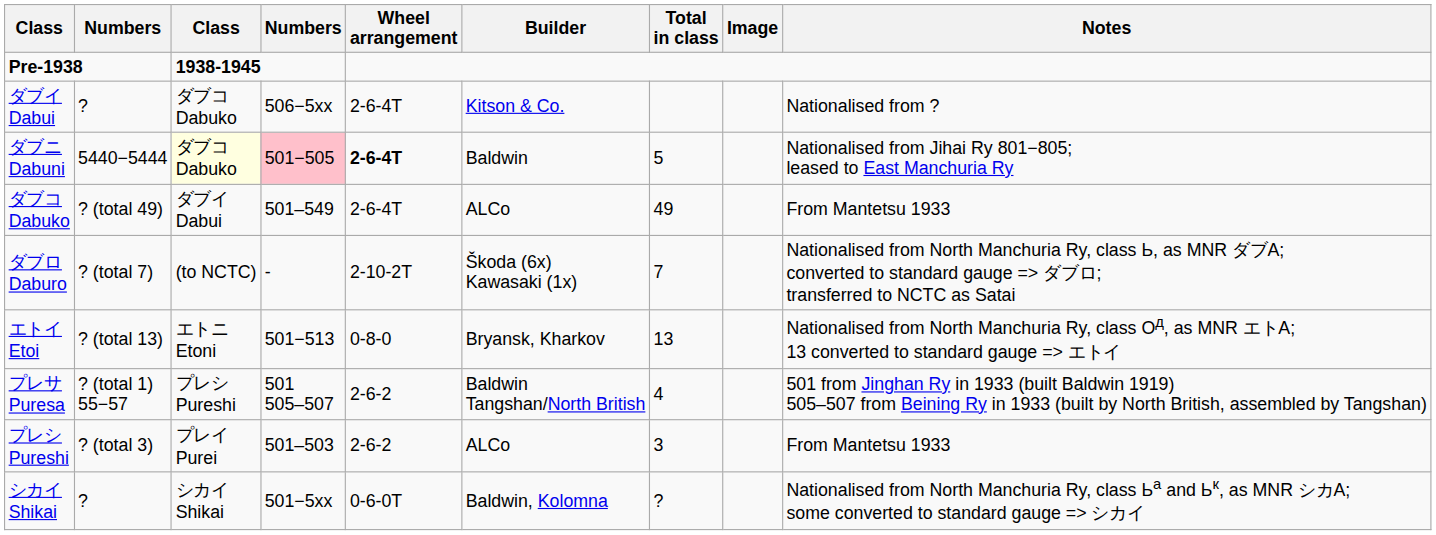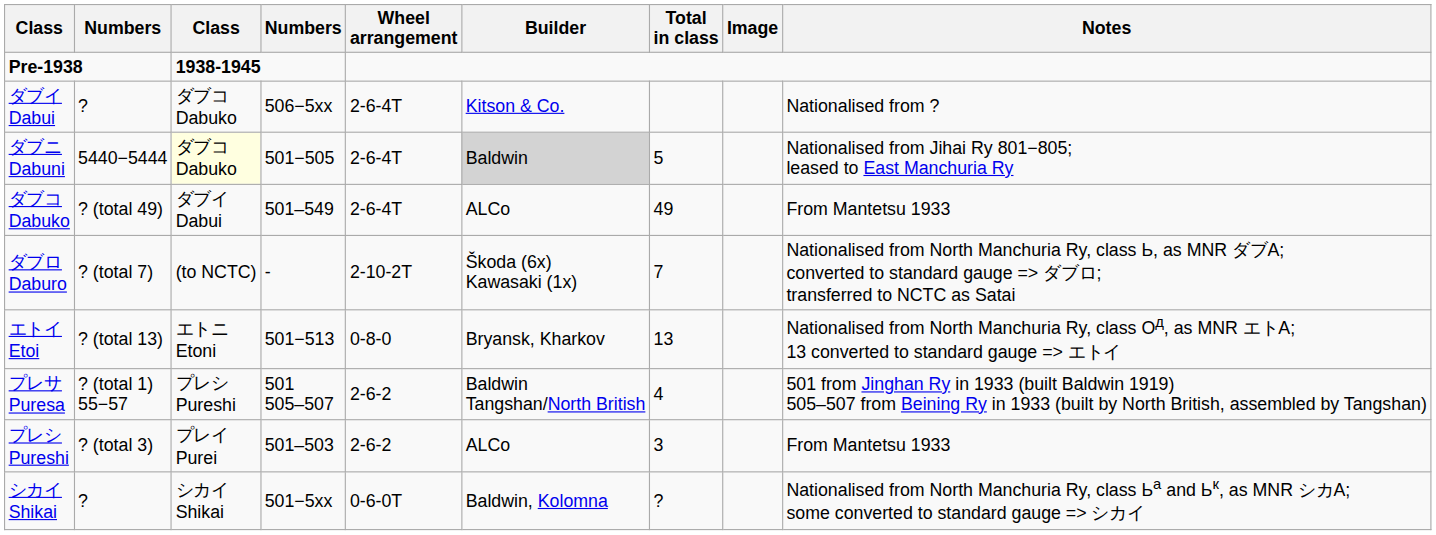 <table class="wikitable">
 <tr>
 <th>Class</th>
 <th>Numbers</th>
 <th>Class</th>
 <th>Numbers</th>
 <th>Wheel<br>arrangement</th>
 <th>Builder</th>
 <th>Total<br>in class</th>
 <th>Image</th>
 <th>Notes</th>
 </tr>
 <tr>
 <td colspan="2"><strong>Pre-1938</strong></td>
 <td colspan="2"><strong>1938-1945</strong></td>
 </tr>
 <tr>
 <td><a href='#'>ダブイ<br>Dabui</a></td>
 <td>?</td>
 <td>ダブコ<br>Dabuko</td>
 <td>506−5xx</td>
 <td>2-6-4T</td>
 <td><a href='#'>Kitson & Co.</a></td>
 <td></td>
 <td></td>
 <td>Nationalised from ?</td>
 </tr>
 <tr>
 <td><a href='#'>ダブニ<br>Dabuni</a></td>
 <td>5440−5444</td>
 <td style="background: lightyellow;">ダブコ<br>Dabuko</td>
-<td style="background: pink;">501−505</td>
-<td><strong>2-6-4T</strong></td>
-<td>Baldwin</td>
+<td>501−505</td>
+<td>2-6-4T</td>
+<td style="background: lightgrey;">Baldwin</td>
 <td>5</td>
 <td></td>
 <td>Nationalised from Jihai Ry 801−805;<br>leased to <a href='#'>East Manchuria Ry</a></td>
 </tr>
 <tr>
 <td><a href='#'>ダブコ<br>Dabuko</a></td>
 <td>? (total 49)</td>
 <td>ダブイ<br>Dabui</td>
 <td>501–549</td>
 <td>2-6-4T</td>
 <td>ALCo</td>
 <td>49</td>
 <td></td>
 <td>From Mantetsu 1933</td>
 </tr>
 <tr>
 <td><a href='#'>ダブロ<br>Daburo</a></td>
 <td>? (total 7)</td>
 <td>(to NCTC)</td>
 <td>-</td>
 <td>2-10-2T</td>
 <td>Škoda (6x)<br>Kawasaki (1x)</td>
 <td>7</td>
 <td></td>
 <td>Nationalised from North Manchuria Ry, class Ь, as MNR ダブA;<br>converted to standard gauge => ダブロ;<br>transferred to NCTC as Satai</td>
 </tr>
 <tr>
 <td><a href='#'>エトイ<br>Etoi</a></td>
 <td>? (total 13)</td>
 <td>エトニ<br>Etoni</td>
 <td>501−513</td>
 <td>0-8-0</td>
 <td>Bryansk, Kharkov</td>
 <td>13</td>
 <td></td>
 <td>Nationalised from North Manchuria Ry, class O<sup>д</sup>, as MNR エトA;<br>13 converted to standard gauge => エトイ</td>
 </tr>
 <tr>
 <td><a href='#'>プレサ<br>Puresa</a></td>
 <td>? (total 1)<br>55−57</td>
 <td>プレシ<br>Pureshi</td>
 <td>501<br>505–507</td>
 <td>2-6-2</td>
 <td>Baldwin<br>Tangshan/<a href='#'>North British</a></td>
 <td>4</td>
 <td></td>
 <td>501 from <a href='#'>Jinghan Ry</a> in 1933 (built Baldwin 1919)<br>505–507 from <a href='#'>Beining Ry</a> in 1933 (built by North British, assembled by Tangshan)</td>
 </tr>
 <tr>
 <td><a href='#'>プレシ<br>Pureshi</a></td>
 <td>? (total 3)</td>
 <td>プレイ<br>Purei</td>
 <td>501–503</td>
 <td>2-6-2</td>
 <td>ALCo</td>
 <td>3</td>
 <td></td>
 <td>From Mantetsu 1933</td>
 </tr>
 <tr>
 <td><a href='#'>シカイ<br>Shikai</a></td>
 <td>?</td>
 <td>シカイ<br>Shikai</td>
 <td>501−5xx</td>
 <td>0-6-0T</td>
 <td>Baldwin, <a href='#'>Kolomna</a></td>
 <td>?</td>
 <td></td>
 <td>Nationalised from North Manchuria Ry, class Ь<sup>а</sup> and Ь<sup>к</sup>, as MNR シカA;<br> some converted to standard gauge => シカイ</td>
 </tr>
 </table>
